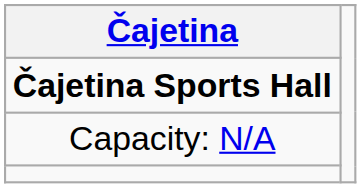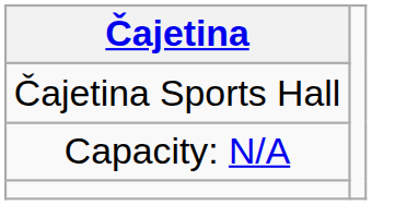 <table class="wikitable" style="text-align:center">
 <tr>
 <th><a href='#'>Čajetina</a></th>
 <td rowspan=4></td>
 </tr>
 <tr>
-<td><strong>Čajetina Sports Hall</strong></td>
+<td>Čajetina Sports Hall</td>
 </tr>
 <tr>
 <td>Capacity: <a href='#'>N/A</a></td>
 </tr>
 <tr>
 <td></td>
 </tr>
 </table>
